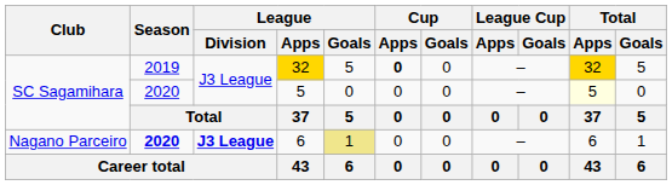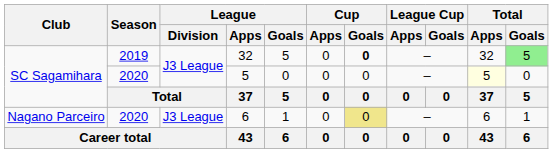 <table class="wikitable" style="text-align: center">
 <tr>
 <th rowspan="2">Club</th>
 <th rowspan="2">Season</th>
 <th colspan="3">League</th>
 <th colspan="2">Cup</th>
 <th colspan="2">League Cup</th>
 <th colspan="2">Total</th>
 </tr>
 <tr>
 <th>Division</th>
 <th>Apps</th>
 <th>Goals</th>
 <th>Apps</th>
 <th>Goals</th>
 <th>Apps</th>
 <th>Goals</th>
 <th>Apps</th>
 <th>Goals</th>
 </tr>
 <tr>
 <td rowspan="3"><a href='#'>SC Sagamihara</a></td>
 <td><a href='#'>2019</a></td>
 <td rowspan="2"><a href='#'>J3 League</a></td>
-<td style="background: gold;">32</td>
+<td>32</td>
 <td>5</td>
+<td>0</td>
 <td><strong>0</strong></td>
-<td>0</td>
 <td colspan="2">–</td>
-<td style="background: gold;">32</td>
-<td>5</td>
+<td>32</td>
+<td style="background: lightgreen;">5</td>
 </tr>
 <tr>
 <td><a href='#'>2020</a></td>
 <td>5</td>
 <td>0</td>
 <td>0</td>
 <td>0</td>
 <td colspan="2">–</td>
 <td style="background: lightyellow;">5</td>
 <td>0</td>
 </tr>
 <tr>
 <th colspan=2>Total</th>
 <th>37</th>
 <th>5</th>
 <th>0</th>
 <th>0</th>
 <th>0</th>
 <th>0</th>
 <th>37</th>
 <th>5</th>
 </tr>
 <tr>
 <td><a href='#'>Nagano Parceiro</a></td>
-<td><strong><a href='#'>2020</a></strong></td>
-<td><strong><a href='#'>J3 League</a></strong></td>
+<td><a href='#'>2020</a></td>
+<td><a href='#'>J3 League</a></td>
 <td>6</td>
-<td style="background: khaki;">1</td>
+<td>1</td>
 <td>0</td>
-<td>0</td>
+<td style="background: khaki;">0</td>
 <td colspan="2">–</td>
 <td>6</td>
 <td>1</td>
 </tr>
 <tr>
 <th colspan=3>Career total</th>
 <th>43</th>
 <th>6</th>
 <th>0</th>
 <th>0</th>
 <th>0</th>
 <th>0</th>
 <th>43</th>
 <th>6</th>
 </tr>
 </table>
